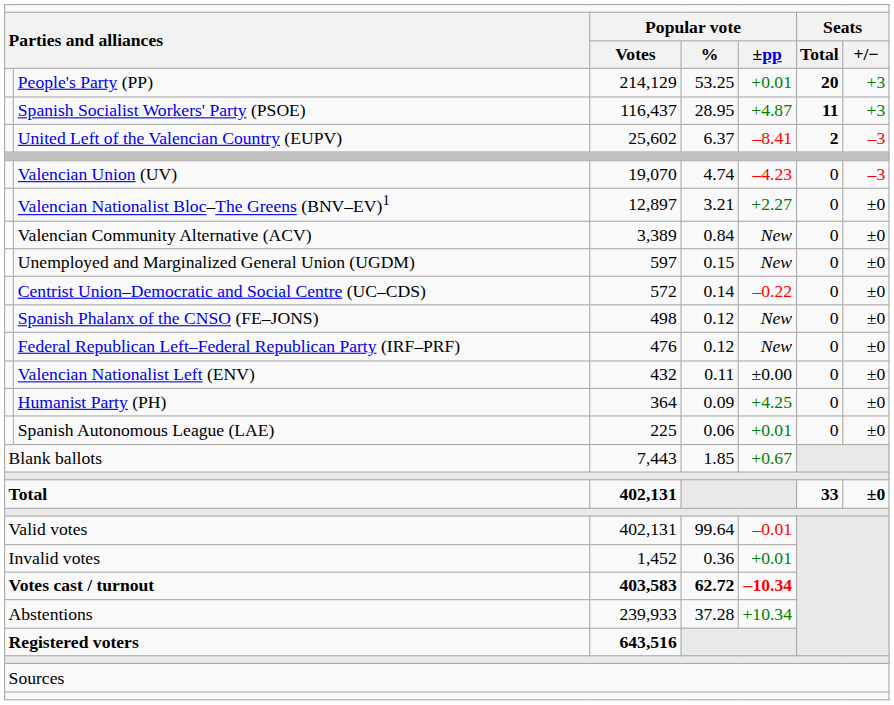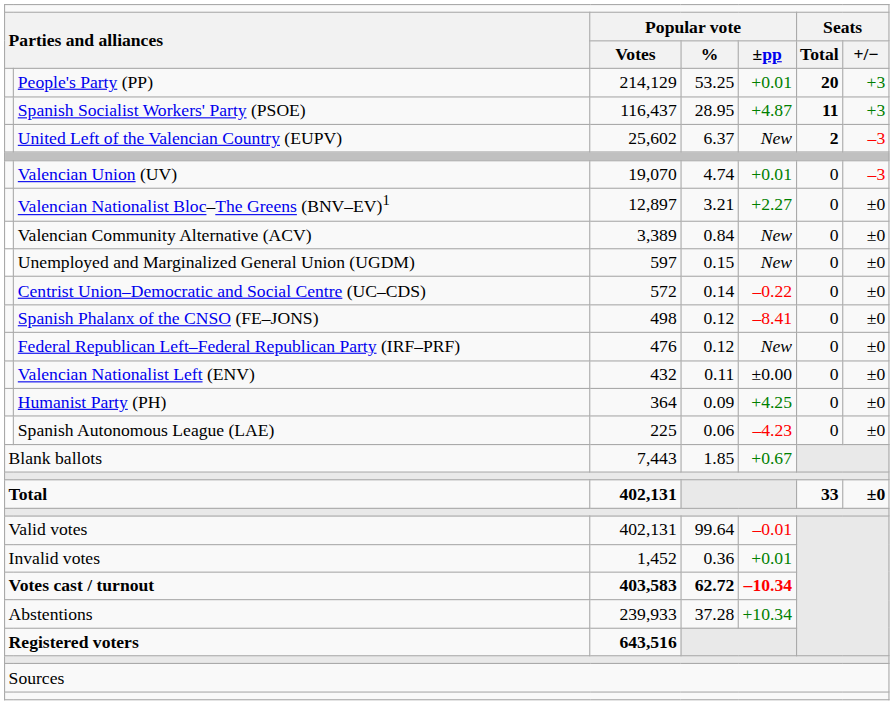 <table class="wikitable" style="text-align:right;">
 <tr>
 <td colspan="7"></td>
 </tr>
 <tr>
 <th style="text-align:left;" rowspan="2" colspan="2" width="525">Parties and alliances</th>
 <th colspan="3">Popular vote</th>
 <th colspan="2">Seats</th>
 </tr>
 <tr>
 <th width="75">Votes</th>
 <th width="45">%</th>
 <th width="45">±<a href='#'>pp</a></th>
 <th width="35">Total</th>
 <th width="35">+/−</th>
 </tr>
 <tr>
 <td width="1" style="color:inherit;background:"></td>
 <td align="left"><a href='#'>People's Party</a> (PP)</td>
 <td>214,129</td>
 <td>53.25</td>
 <td style="color:green;">+0.01</td>
 <td><strong>20</strong></td>
 <td style="color:green;">+3</td>
 </tr>
 <tr>
 <td style="color:inherit;background:"></td>
 <td align="left"><a href='#'>Spanish Socialist Workers' Party</a> (PSOE)</td>
 <td>116,437</td>
 <td>28.95</td>
 <td style="color:green;">+4.87</td>
 <td><strong>11</strong></td>
 <td style="color:green;">+3</td>
 </tr>
 <tr>
 <td style="color:inherit;background:"></td>
 <td align="left"><a href='#'>United Left of the Valencian Country</a> (EUPV)</td>
 <td>25,602</td>
 <td>6.37</td>
-<td style="color:red;">–8.41</td>
+<td><em>New</em></td>
 <td><strong>2</strong></td>
 <td style="color:red;">–3</td>
 </tr>
 <tr>
 <td colspan="7" bgcolor="#C0C0C0"></td>
 </tr>
 <tr>
 <td style="color:inherit;background:"></td>
 <td align="left"><a href='#'>Valencian Union</a> (UV)</td>
 <td>19,070</td>
 <td>4.74</td>
-<td style="color:red;">–4.23</td>
+<td style="color:green;">+0.01</td>
 <td>0</td>
 <td style="color:red;">–3</td>
 </tr>
 <tr>
 <td style="color:inherit;background:"></td>
 <td align="left"><a href='#'>Valencian Nationalist Bloc</a>–<a href='#'>The Greens</a> (BNV–EV)<sup>1</sup></td>
 <td>12,897</td>
 <td>3.21</td>
 <td style="color:green;">+2.27</td>
 <td>0</td>
 <td>±0</td>
 </tr>
 <tr>
 <td bgcolor="white"></td>
 <td align="left">Valencian Community Alternative (ACV)</td>
 <td>3,389</td>
 <td>0.84</td>
 <td><em>New</em></td>
 <td>0</td>
 <td>±0</td>
 </tr>
 <tr>
 <td bgcolor="white"></td>
 <td align="left">Unemployed and Marginalized General Union (UGDM)</td>
 <td>597</td>
 <td>0.15</td>
 <td><em>New</em></td>
 <td>0</td>
 <td>±0</td>
 </tr>
 <tr>
 <td style="color:inherit;background:"></td>
 <td align="left"><a href='#'>Centrist Union–Democratic and Social Centre</a> (UC–CDS)</td>
 <td>572</td>
 <td>0.14</td>
 <td style="color:red;">–0.22</td>
 <td>0</td>
 <td>±0</td>
 </tr>
 <tr>
 <td style="color:inherit;background:"></td>
 <td align="left"><a href='#'>Spanish Phalanx of the CNSO</a> (FE–JONS)</td>
 <td>498</td>
 <td>0.12</td>
-<td><em>New</em></td>
+<td style="color:red;">–8.41</td>
 <td>0</td>
 <td>±0</td>
 </tr>
 <tr>
 <td style="color:inherit;background:"></td>
 <td align="left"><a href='#'>Federal Republican Left–Federal Republican Party</a> (IRF–PRF)</td>
 <td>476</td>
 <td>0.12</td>
 <td><em>New</em></td>
 <td>0</td>
 <td>±0</td>
 </tr>
 <tr>
 <td style="color:inherit;background:"></td>
 <td align="left"><a href='#'>Valencian Nationalist Left</a> (ENV)</td>
 <td>432</td>
 <td>0.11</td>
 <td>±0.00</td>
 <td>0</td>
 <td>±0</td>
 </tr>
 <tr>
 <td style="color:inherit;background:"></td>
 <td align="left"><a href='#'>Humanist Party</a> (PH)</td>
 <td>364</td>
 <td>0.09</td>
 <td style="color:green;">+4.25</td>
 <td>0</td>
 <td>±0</td>
 </tr>
 <tr>
 <td bgcolor="white"></td>
 <td align="left">Spanish Autonomous League (LAE)</td>
 <td>225</td>
 <td>0.06</td>
-<td style="color:green;">+0.01</td>
+<td style="color:red;">–4.23</td>
 <td>0</td>
 <td>±0</td>
 </tr>
 <tr>
 <td align="left" colspan="2">Blank ballots</td>
 <td>7,443</td>
 <td>1.85</td>
 <td style="color:green;">+0.67</td>
 <td bgcolor="#E9E9E9" colspan="2"></td>
 </tr>
 <tr>
 <td colspan="7" bgcolor="#E9E9E9"></td>
 </tr>
 <tr style="font-weight:bold;">
 <td align="left" colspan="2">Total</td>
 <td>402,131</td>
 <td bgcolor="#E9E9E9" colspan="2"></td>
 <td>33</td>
 <td>±0</td>
 </tr>
 <tr>
 <td colspan="7" bgcolor="#E9E9E9"></td>
 </tr>
 <tr>
 <td align="left" colspan="2">Valid votes</td>
 <td>402,131</td>
 <td>99.64</td>
 <td style="color:red;">–0.01</td>
 <td bgcolor="#E9E9E9" colspan="2" rowspan="5"></td>
 </tr>
 <tr>
 <td align="left" colspan="2">Invalid votes</td>
 <td>1,452</td>
 <td>0.36</td>
 <td style="color:green;">+0.01</td>
 </tr>
 <tr style="font-weight:bold;">
 <td align="left" colspan="2">Votes cast / turnout</td>
 <td>403,583</td>
 <td>62.72</td>
 <td style="color:red;">–10.34</td>
 </tr>
 <tr>
 <td align="left" colspan="2">Abstentions</td>
 <td>239,933</td>
 <td>37.28</td>
 <td style="color:green;">+10.34</td>
 </tr>
 <tr style="font-weight:bold;">
 <td align="left" colspan="2">Registered voters</td>
 <td>643,516</td>
 <td bgcolor="#E9E9E9" colspan="2"></td>
 </tr>
 <tr>
 <td colspan="7" bgcolor="#E9E9E9"></td>
 </tr>
 <tr>
 <td align="left" colspan="7">Sources</td>
 </tr>
 <tr>
 <td colspan="7" style="text-align:left; max-width:790px;"></td>
 </tr>
 </table>
